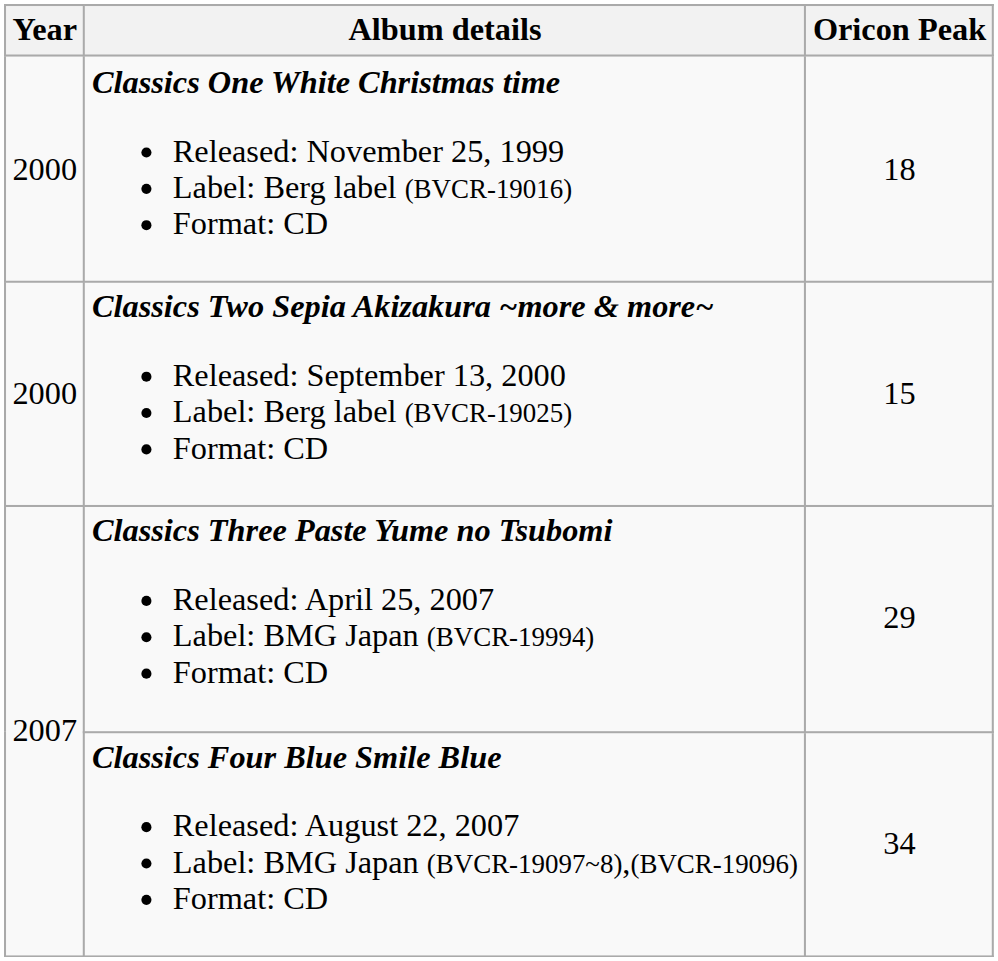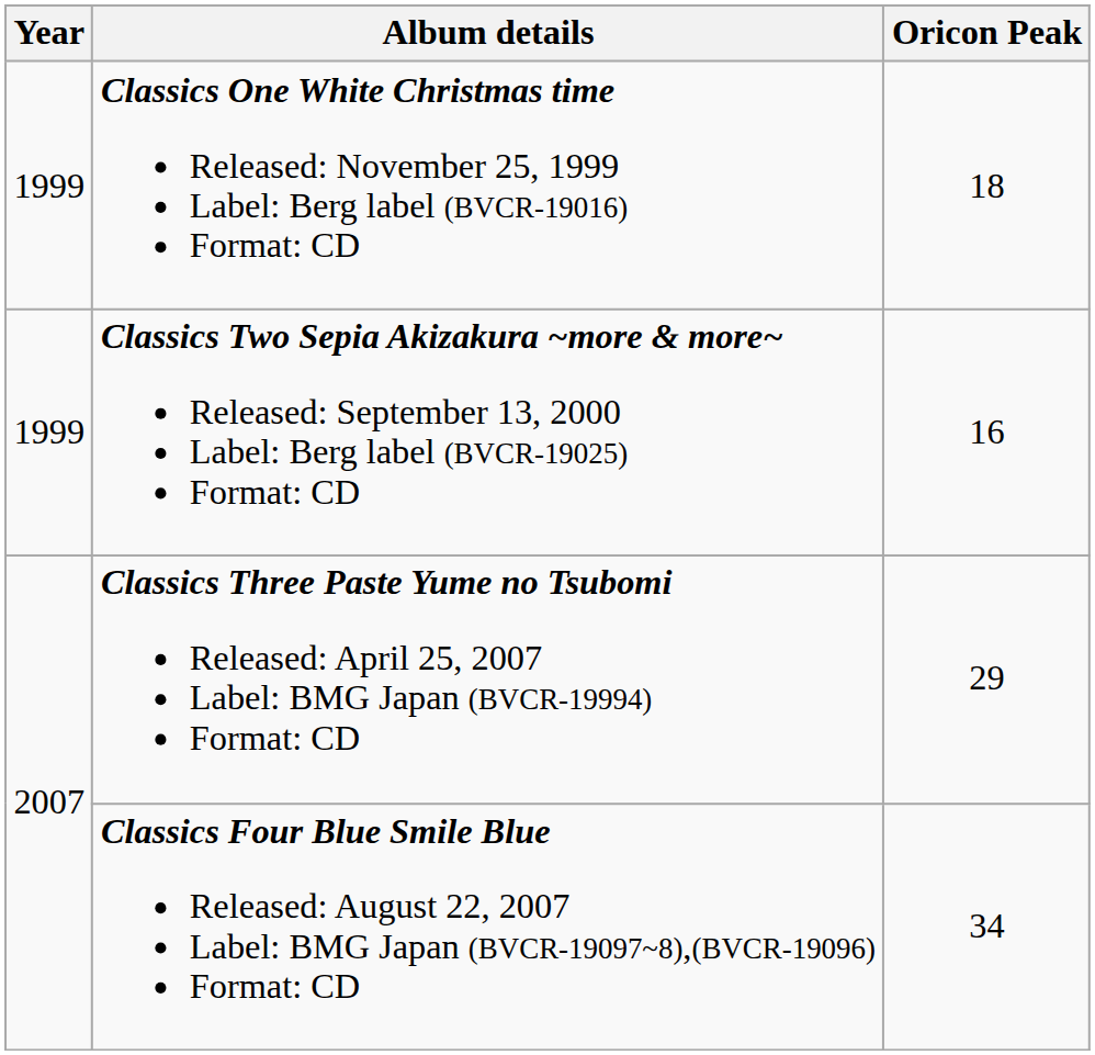 <table class="wikitable">
 <tr>
 <th>Year</th>
 <th>Album details</th>
 <th>Oricon Peak</th>
 </tr>
 <tr>
-<td>2000</td>
+<td>1999</td>
 <td><strong><em>Classics One White Christmas time</em></strong><br><ul><li>Released: November 25, 1999</li><li>Label: Berg label <small>(BVCR-19016)</small></li><li>Format: CD</li></ul></td>
 <td align="center">18</td>
 </tr>
 <tr>
-<td>2000</td>
+<td>1999</td>
 <td><strong><em>Classics Two Sepia Akizakura ~more & more~</em></strong><br><ul><li>Released: September 13, 2000</li><li>Label: Berg label <small>(BVCR-19025)</small></li><li>Format: CD</li></ul></td>
-<td align="center">15</td>
+<td align="center">16</td>
 </tr>
 <tr>
 <td rowspan="2">2007</td>
 <td><strong><em>Classics Three Paste Yume no Tsubomi</em></strong><br><ul><li>Released: April 25, 2007</li><li>Label: BMG Japan <small>(BVCR-19994)</small></li><li>Format: CD</li></ul></td>
 <td align="center">29</td>
 </tr>
 <tr>
 <td><strong><em>Classics Four Blue Smile Blue</em></strong><br><ul><li>Released: August 22, 2007</li><li>Label: BMG Japan <small>(BVCR-19097~8)</small>,<small>(BVCR-19096)</small></li><li>Format: CD</li></ul></td>
 <td align="center">34</td>
 </tr>
 </table>
